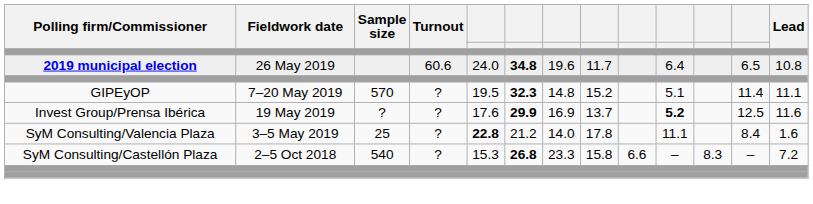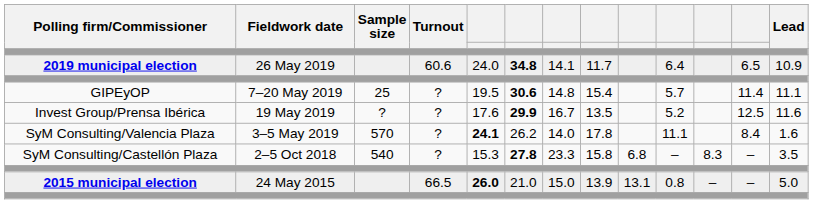 <table class="wikitable collapsible collapsed" style="text-align:center; font-size:95%; line-height:16px;">
 <tr style="height:42px;">
 <th style="width:250px;" rowspan="2">Polling firm/Commissioner</th>
 <th style="width:125px;" rowspan="2">Fieldwork date</th>
 <th style="width:50px;" rowspan="2">Sample size</th>
 <th style="width:45px;" rowspan="2">Turnout</th>
 <th style="width:35px;"></th>
 <th style="width:35px;"></th>
 <th style="width:35px;"></th>
 <th style="width:35px;"></th>
 <th style="width:35px;"></th>
 <th style="width:35px;"></th>
 <th style="width:35px;"></th>
 <th style="width:35px;"></th>
 <th style="width:30px;" rowspan="2">Lead</th>
 </tr>
 <tr>
 <th style="color:inherit;background:"></th>
 <th style="color:inherit;background:"></th>
 <th style="color:inherit;background:"></th>
 <th style="color:inherit;background:"></th>
 <th style="color:inherit;background:"></th>
 <th style="color:inherit;background:"></th>
 <th style="color:inherit;background:"></th>
 <th style="color:inherit;background:"></th>
 </tr>
 <tr>
 <td colspan="13" style="background:#A0A0A0"></td>
 </tr>
 <tr style="background:#EFEFEF;">
 <td><strong><a href='#'>2019 municipal election</a></strong></td>
 <td>26 May 2019</td>
 <td></td>
 <td>60.6</td>
 <td>24.0<br></td>
 <td><strong>34.8</strong><br></td>
-<td>19.6<br></td>
+<td>14.1<br></td>
 <td>11.7<br></td>
 <td></td>
 <td>6.4<br></td>
 <td></td>
 <td>6.5<br></td>
-<td style="background:">10.8</td>
+<td style="background:">10.9</td>
 </tr>
 <tr>
 <td colspan="13" style="background:#A0A0A0"></td>
 </tr>
 <tr>
 <td>GIPEyOP</td>
 <td>7–20 May 2019</td>
-<td>570</td>
+<td>25</td>
 <td>?</td>
 <td>19.5<br></td>
-<td><strong>32.3</strong><br></td>
+<td><strong>30.6</strong><br></td>
 <td>14.8<br></td>
-<td>15.2<br></td>
+<td>15.4<br></td>
 <td></td>
-<td>5.1<br></td>
+<td>5.7<br></td>
 <td></td>
 <td>11.4<br></td>
 <td style="background:">11.1</td>
 </tr>
 <tr>
 <td>Invest Group/Prensa Ibérica</td>
 <td>19 May 2019</td>
 <td>?</td>
 <td>?</td>
 <td>17.6<br></td>
 <td><strong>29.9</strong><br></td>
-<td>16.9<br></td>
-<td>13.7<br></td>
+<td>16.7<br></td>
+<td>13.5<br></td>
 <td></td>
-<td><strong>5.2<br></strong></td>
+<td>5.2<br></td>
 <td></td>
 <td>12.5<br></td>
 <td style="background:">11.6</td>
 </tr>
 <tr>
 <td>SyM Consulting/Valencia Plaza</td>
 <td>3–5 May 2019</td>
-<td>25</td>
+<td>570</td>
 <td>?</td>
-<td><strong>22.8</strong><br></td>
-<td>21.2<br></td>
+<td><strong>24.1</strong><br></td>
+<td>26.2<br></td>
 <td>14.0<br></td>
 <td>17.8<br></td>
 <td></td>
 <td>11.1<br></td>
 <td></td>
 <td>8.4<br></td>
 <td style="background:">1.6</td>
 </tr>
 <tr>
 <td>SyM Consulting/Castellón Plaza</td>
 <td>2–5 Oct 2018</td>
 <td>540</td>
 <td>?</td>
 <td>15.3<br></td>
-<td><strong>26.8</strong><br></td>
+<td><strong>27.8</strong><br></td>
 <td>23.3<br></td>
 <td>15.8<br></td>
-<td>6.6<br></td>
+<td>6.8<br></td>
 <td>–</td>
 <td>8.3<br></td>
 <td>–</td>
-<td style="background:">7.2</td>
+<td style="background:">3.5</td>
 </tr>
 <tr>
 <td colspan="13" style="background:#A0A0A0"></td>
+</tr>
+<tr style="background:#EFEFEF;">
+<td><strong><a href='#'>2015 municipal election</a></strong></td>
+<td>24 May 2015</td>
+<td></td>
+<td>66.5</td>
+<td><strong>26.0</strong><br></td>
+<td>21.0<br></td>
+<td>15.0<br></td>
+<td>13.9<br></td>
+<td>13.1<br></td>
+<td>0.8<br></td>
+<td>–</td>
+<td>–</td>
+<td style="background:">5.0</td>
 </tr>
 <tr>
 <td colspan="13" style="background:#A0A0A0"></td>
 </tr>
 </table>
